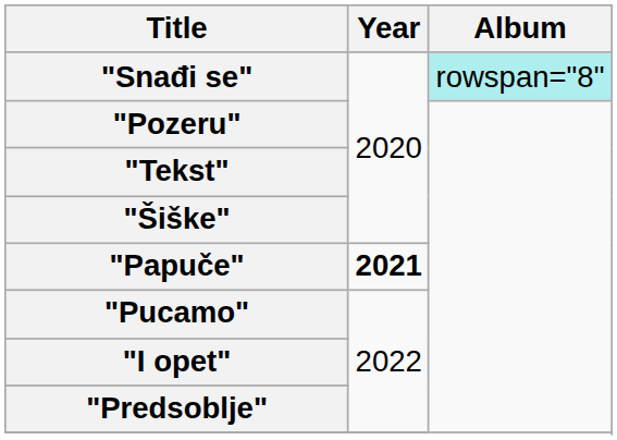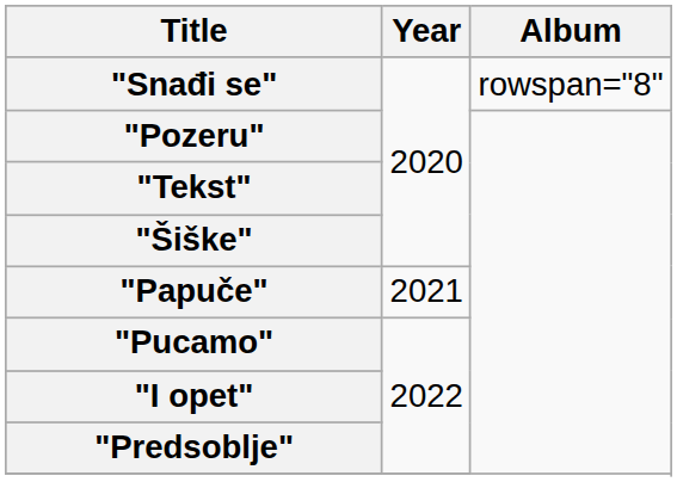 <table class="wikitable plainrowheaders" style="text-align:center;">
 <tr>
 <th scope="col" style="width:11em;">Title</th>
 <th scope="col">Year</th>
 <th scope="col">Album</th>
 </tr>
 <tr>
 <th scope="row">"Snađi se"</th>
 <td rowspan="4">2020</td>
-<td style="background: paleturquoise;">rowspan="8" </td>
+<td>rowspan="8" </td>
 </tr>
 <tr>
 <th scope="row">"Pozeru"</th>
 </tr>
 <tr>
 <th scope="row">"Tekst"</th>
 </tr>
 <tr>
 <th scope="row">"Šiške"</th>
 </tr>
 <tr>
 <th scope="row">"Papuče"</th>
-<td><strong>2021</strong></td>
+<td>2021</td>
 </tr>
 <tr>
 <th scope="row">"Pucamo"</th>
 <td rowspan="3">2022</td>
 </tr>
 <tr>
 <th scope="row">"I opet"</th>
 </tr>
 <tr>
 <th scope="row">"Predsoblje"</th>
 </tr>
 <tr>
 </tr>
 </table>
